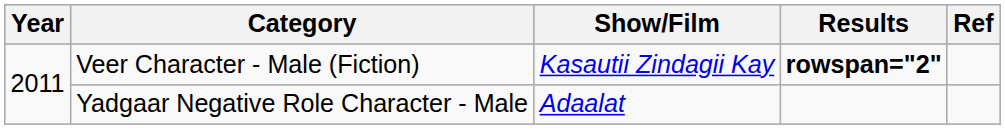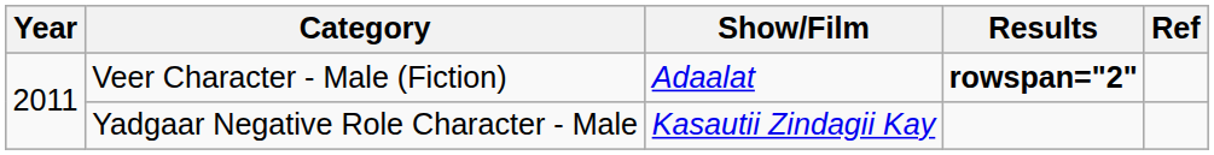 <table class="wikitable sortable">
 <tr>
 <th>Year</th>
 <th>Category</th>
 <th>Show/Film</th>
 <th>Results</th>
 <th>Ref</th>
 </tr>
 <tr>
 <td rowspan="2">2011</td>
 <td>Veer Character - Male (Fiction)</td>
-<td><a href='#'><em>Kasautii Zindagii Kay</em></a></td>
+<td><em><a href='#'>Adaalat</a></em></td>
 <td><strong>rowspan="2" </strong></td>
 <td></td>
 </tr>
 <tr>
 <td>Yadgaar Negative Role Character - Male</td>
-<td><em><a href='#'>Adaalat</a></em></td>
+<td><a href='#'><em>Kasautii Zindagii Kay</em></a></td>
 <td></td>
 </tr>
 </table>
